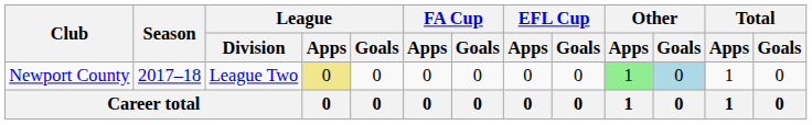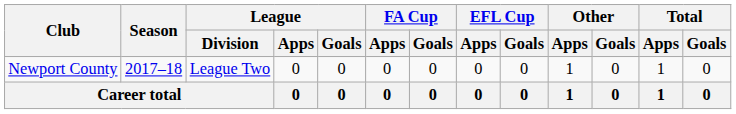 <table class="wikitable" style="text-align:center">
 <tr>
 <th rowspan="2">Club</th>
 <th rowspan="2">Season</th>
 <th colspan="3">League</th>
 <th colspan="2"><a href='#'>FA Cup</a></th>
 <th colspan="2"><a href='#'>EFL Cup</a></th>
 <th colspan="2">Other</th>
 <th colspan="2">Total</th>
 </tr>
 <tr>
 <th>Division</th>
 <th>Apps</th>
 <th>Goals</th>
 <th>Apps</th>
 <th>Goals</th>
 <th>Apps</th>
 <th>Goals</th>
 <th>Apps</th>
 <th>Goals</th>
 <th>Apps</th>
 <th>Goals</th>
 </tr>
 <tr>
 <td><a href='#'>Newport County</a></td>
 <td><a href='#'>2017–18</a></td>
 <td><a href='#'>League Two</a></td>
-<td style="background: khaki;">0</td>
 <td>0</td>
 <td>0</td>
 <td>0</td>
 <td>0</td>
 <td>0</td>
-<td style="background: lightgreen;">1</td>
-<td style="background: lightblue;">0</td>
+<td>0</td>
+<td>1</td>
+<td>0</td>
 <td>1</td>
 <td>0</td>
 </tr>
 <tr>
 <th colspan="3">Career total</th>
 <th>0</th>
 <th>0</th>
 <th>0</th>
 <th>0</th>
 <th>0</th>
 <th>0</th>
 <th>1</th>
 <th>0</th>
 <th>1</th>
 <th>0</th>
 </tr>
 </table>
